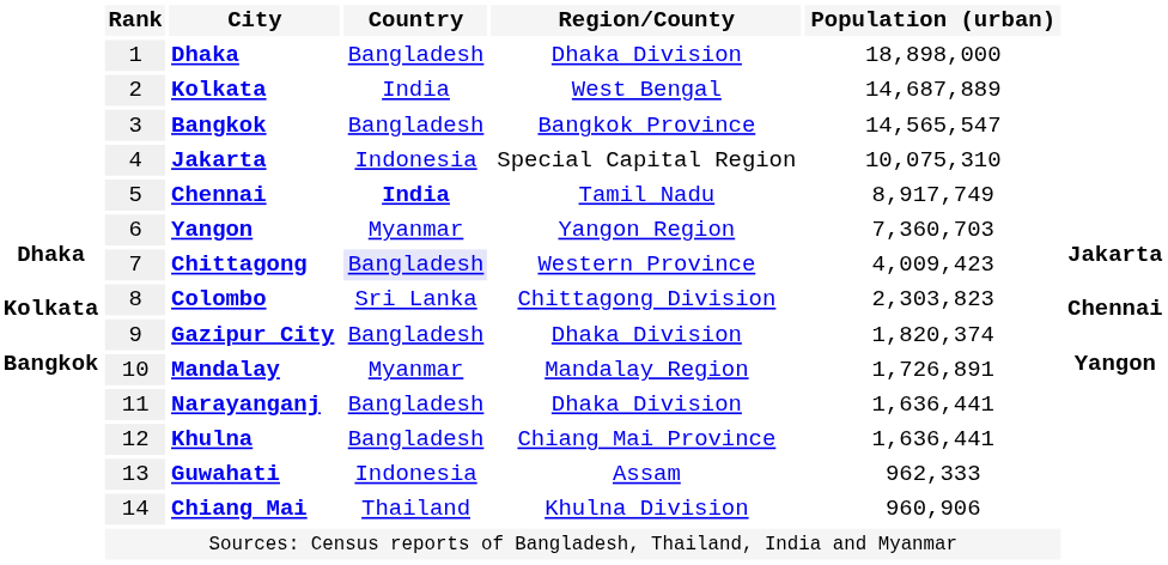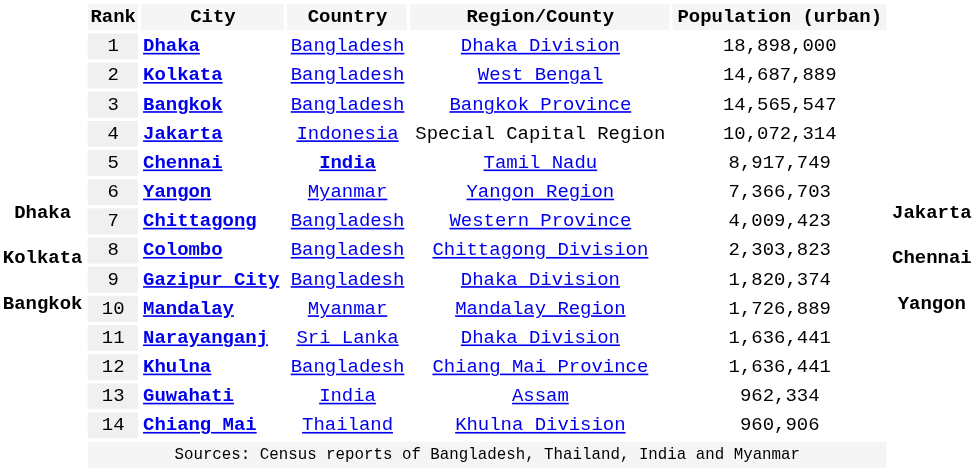 <table style="text-align:center; width:97%; margin-right:10px Ki; font-size:90%">
 <tr>
 <th rowspan=23 width:150><br><br><br>Dhaka<br><br>Kolkata<br><br>Bangkok<br> <br></th>
 <th style="text-align:center; background:#f5f5f5;">Rank</th>
 <th style="text-align:center; background:#f5f5f5;">City</th>
 <th style="text-align:center; background:#f5f5f5;">Country</th>
 <th style="text-align:center; background:#f5f5f5;">Region/County</th>
 <th style="text-align:center; background:#f5f5f5;">Population (urban)</th>
 <th rowspan=23 width:150><br><br>Jakarta<br> <br>Chennai<br> <br>Yangon</th>
 </tr>
 <tr>
 <td style="text-align:center; background:#f0f0f0;">1</td>
 <td align=left><strong><a href='#'>Dhaka</a></strong></td>
 <td><a href='#'>Bangladesh</a></td>
 <td><a href='#'>Dhaka Division</a></td>
 <td>18,898,000</td>
 </tr>
 <tr>
 <td style="text-align:center; background:#f0f0f0;">2</td>
 <td align=left><strong><a href='#'>Kolkata</a></strong></td>
-<td><a href='#'>India</a></td>
+<td><a href='#'>Bangladesh</a></td>
 <td><a href='#'>West Bengal</a></td>
 <td>14,687,889</td>
 </tr>
 <tr>
 <td style="text-align:center; background:#f0f0f0;">3</td>
 <td align=left><strong><a href='#'>Bangkok</a></strong></td>
 <td><a href='#'>Bangladesh</a></td>
 <td><a href='#'>Bangkok Province</a></td>
 <td>14,565,547</td>
 </tr>
 <tr>
 <td style="text-align:center; background:#f0f0f0;">4</td>
 <td align=left><strong><a href='#'>Jakarta</a></strong></td>
 <td><a href='#'>Indonesia</a></td>
 <td>Special Capital Region</td>
-<td>10,075,310</td>
+<td>10,072,314</td>
 </tr>
 <tr>
 <td style="text-align:center; background:#f0f0f0;">5</td>
 <td align=left><strong><a href='#'>Chennai</a></strong></td>
 <td><strong><a href='#'>India</a></strong></td>
 <td><a href='#'>Tamil Nadu</a></td>
 <td>8,917,749</td>
 </tr>
 <tr>
 <td style="text-align:center; background:#f0f0f0;">6</td>
 <td align=left><strong><a href='#'>Yangon</a></strong></td>
 <td><a href='#'>Myanmar</a></td>
 <td><a href='#'>Yangon Region</a></td>
-<td>7,360,703</td>
+<td>7,366,703</td>
 </tr>
 <tr>
 <td style="text-align:center; background:#f0f0f0;">7</td>
 <td align=left><strong><a href='#'>Chittagong</a></strong></td>
-<td style="background: lavender;"><a href='#'>Bangladesh</a></td>
+<td><a href='#'>Bangladesh</a></td>
 <td><a href='#'>Western Province</a></td>
 <td>4,009,423</td>
 </tr>
 <tr>
 <td style="text-align:center; background:#f0f0f0;">8</td>
 <td align=left><strong><a href='#'>Colombo</a></strong></td>
-<td><a href='#'>Sri Lanka</a></td>
+<td><a href='#'>Bangladesh</a></td>
 <td><a href='#'>Chittagong Division</a></td>
 <td>2,303,823</td>
 </tr>
 <tr>
 <td style="text-align:center; background:#f0f0f0;">9</td>
 <td align=left><strong><a href='#'>Gazipur City</a></strong></td>
 <td><a href='#'>Bangladesh</a></td>
 <td><a href='#'>Dhaka Division</a></td>
 <td>1,820,374</td>
 </tr>
 <tr>
 <td style="text-align:center; background:#f0f0f0;">10</td>
 <td align=left><strong><a href='#'>Mandalay</a></strong></td>
 <td><a href='#'>Myanmar</a></td>
 <td><a href='#'>Mandalay Region</a></td>
-<td>1,726,891</td>
+<td>1,726,889</td>
 </tr>
 <tr>
 <td style="text-align:center; background:#f0f0f0;">11</td>
 <td align=left><strong><a href='#'>Narayanganj</a></strong></td>
-<td><a href='#'>Bangladesh</a></td>
+<td><a href='#'>Sri Lanka</a></td>
 <td><a href='#'>Dhaka Division</a></td>
 <td>1,636,441</td>
 </tr>
 <tr>
 <td style="text-align:center; background:#f0f0f0;">12</td>
 <td align=left><strong><a href='#'>Khulna</a></strong></td>
 <td><a href='#'>Bangladesh</a></td>
 <td><a href='#'>Chiang Mai Province</a></td>
 <td>1,636,441</td>
 </tr>
 <tr>
 <td style="text-align:center; background:#f0f0f0;">13</td>
 <td align=left><strong><a href='#'>Guwahati</a></strong></td>
-<td><a href='#'>Indonesia</a></td>
+<td><a href='#'>India</a></td>
 <td><a href='#'>Assam</a></td>
-<td>962,333</td>
+<td>962,334</td>
 </tr>
 <tr>
 <td style="text-align:center; background:#f0f0f0;">14</td>
 <td align=left><strong><a href='#'>Chiang Mai</a></strong></td>
 <td><a href='#'>Thailand</a></td>
 <td><a href='#'>Khulna Division</a></td>
 <td>960,906</td>
 </tr>
 <tr>
 <td colspan="5"  style="text-align:center; background:#f5f5f5;"><small>Sources: Census reports of Bangladesh, Thailand, India and Myanmar</small></td>
 </tr>
 </table>
